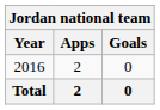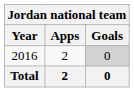 <table class="wikitable" style="text-align:center">
 <tr>
 <th colspan=3>Jordan national team</th>
 </tr>
 <tr>
 <th>Year</th>
 <th>Apps</th>
 <th>Goals</th>
 </tr>
 <tr>
 <td>2016</td>
 <td>2</td>
-<td>0</td>
+<td style="background: lightgrey;">0</td>
 </tr>
 <tr>
 <th>Total</th>
 <th>2</th>
 <th>0</th>
 </tr>
 </table>
